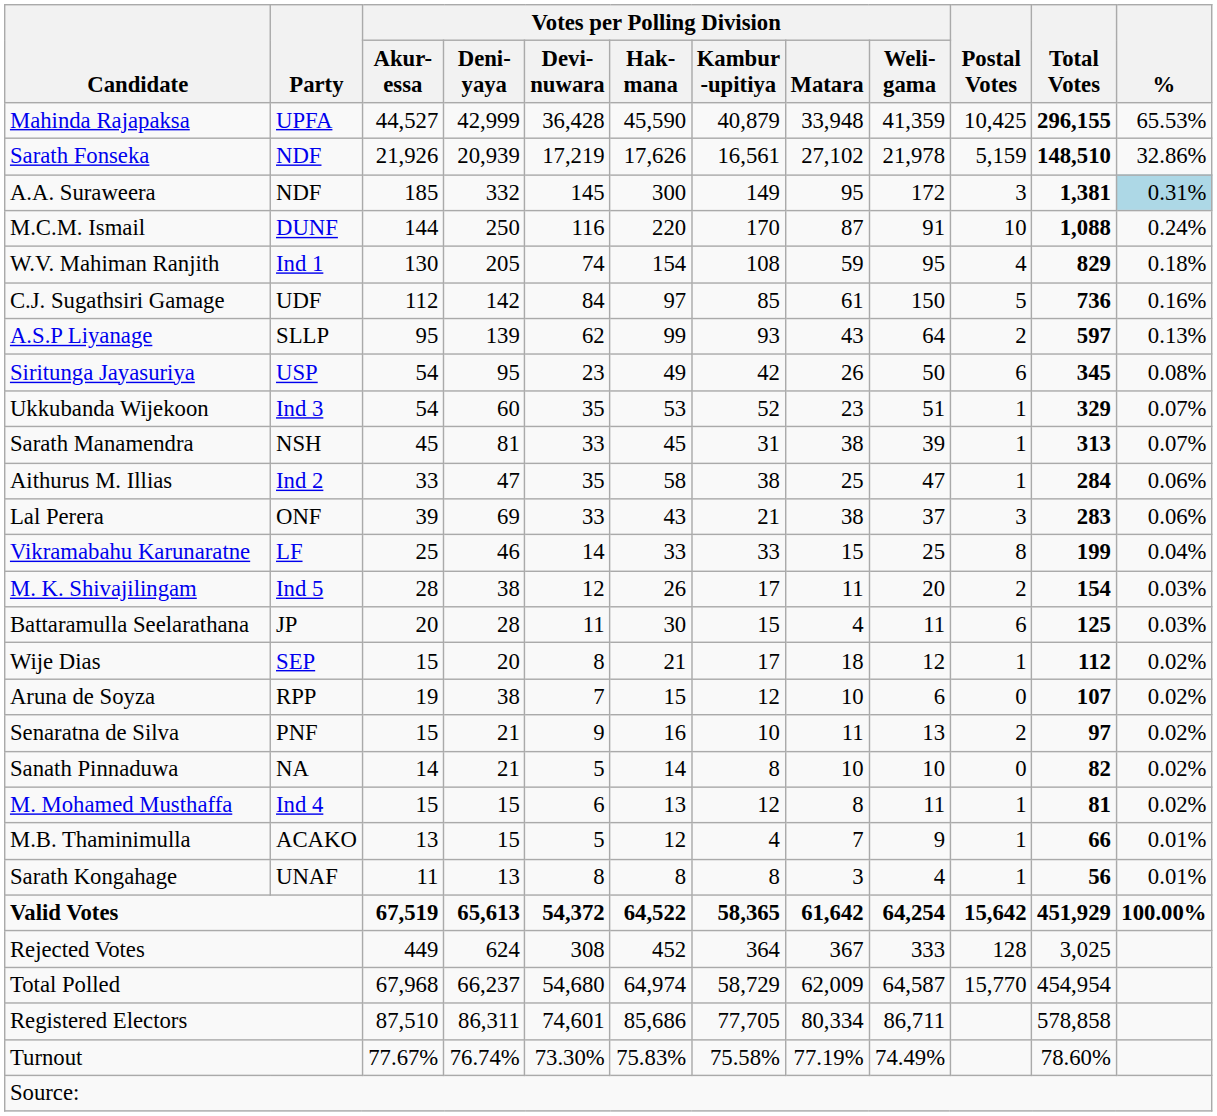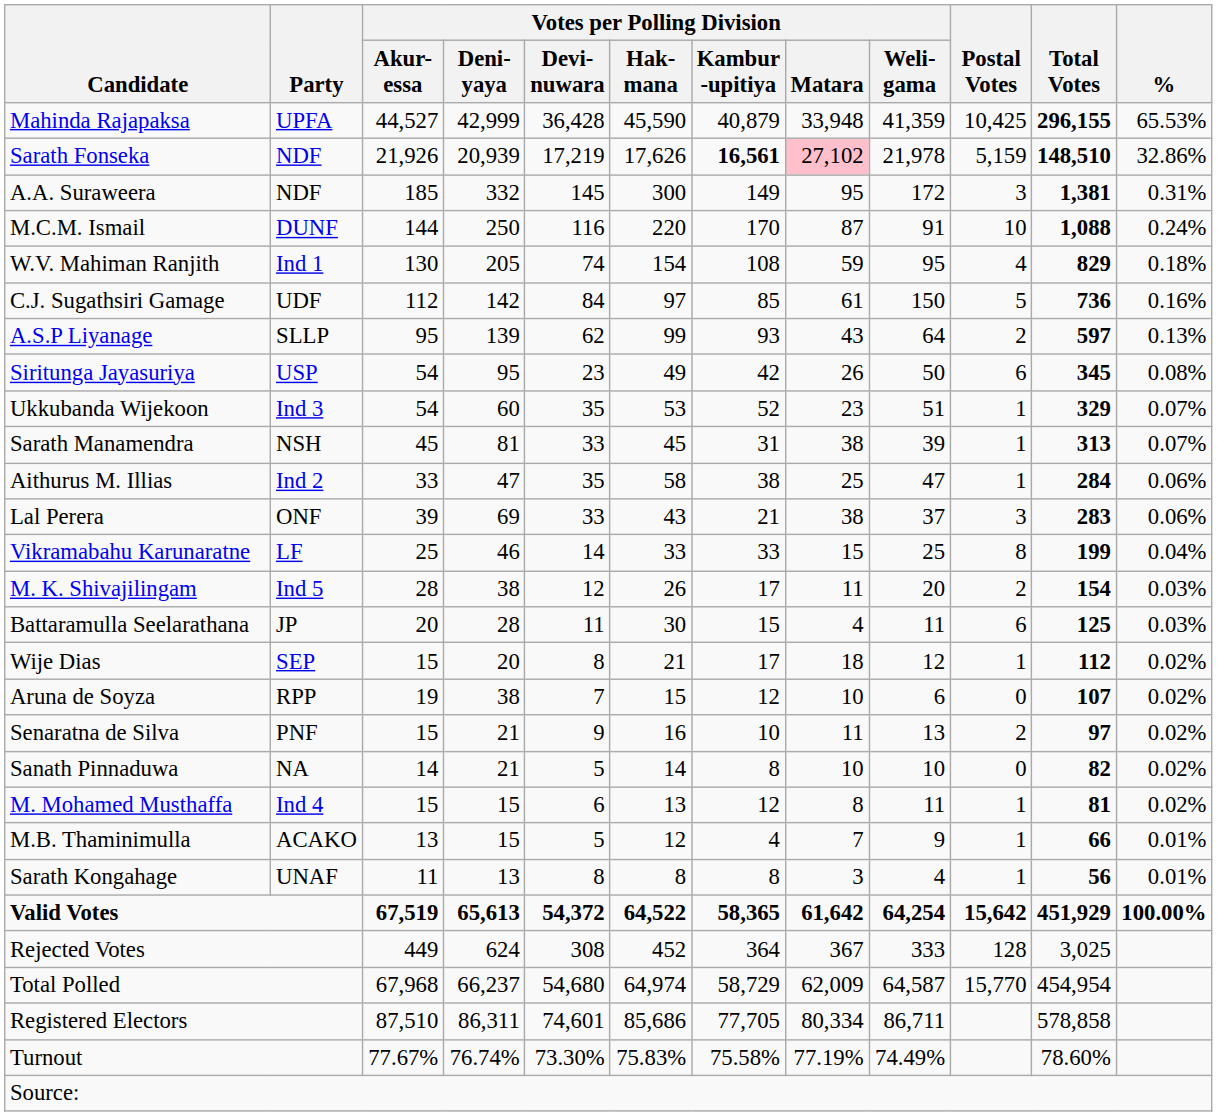 <table class="wikitable" border="1" style="text-align:right;">
 <tr>
 <th align=left valign=bottom rowspan=2 width="180">Candidate</th>
 <th align=left valign=bottom rowspan=2 width="40">Party</th>
 <th colspan=7>Votes per Polling Division</th>
 <th align=center valign=bottom rowspan=2 width="50">Postal<br>Votes</th>
 <th align=center valign=bottom rowspan=2 width="50">Total Votes</th>
 <th align=center valign=bottom rowspan=2 width="50">%</th>
 </tr>
 <tr>
 <th align=center valign=bottom width="50">Akur-<br>essa</th>
 <th align=center valign=bottom width="50">Deni-<br>yaya</th>
 <th align=center valign=bottom width="50">Devi-<br>nuwara</th>
 <th align=center valign=bottom width="50">Hak-<br>mana</th>
 <th align=center valign=bottom width="50">Kambur<br>-upitiya</th>
 <th align=center valign=bottom width="50">Matara</th>
 <th align=center valign=bottom width="50">Weli-<br>gama</th>
 </tr>
 <tr>
 <td align=left><a href='#'>Mahinda Rajapaksa</a></td>
 <td align=left><a href='#'>UPFA</a></td>
 <td>44,527</td>
 <td>42,999</td>
 <td>36,428</td>
 <td>45,590</td>
 <td>40,879</td>
 <td>33,948</td>
 <td>41,359</td>
 <td>10,425</td>
 <td><strong>296,155</strong></td>
 <td>65.53%</td>
 </tr>
 <tr>
 <td align=left><a href='#'>Sarath Fonseka</a></td>
 <td align=left><a href='#'>NDF</a></td>
 <td>21,926</td>
 <td>20,939</td>
 <td>17,219</td>
 <td>17,626</td>
-<td>16,561</td>
-<td>27,102</td>
+<td><strong>16,561</strong></td>
+<td style="background: pink;">27,102</td>
 <td>21,978</td>
 <td>5,159</td>
 <td><strong>148,510</strong></td>
 <td>32.86%</td>
 </tr>
 <tr>
 <td align=left>A.A. Suraweera</td>
 <td align=left>NDF</td>
 <td>185</td>
 <td>332</td>
 <td>145</td>
 <td>300</td>
 <td>149</td>
 <td>95</td>
 <td>172</td>
 <td>3</td>
 <td><strong>1,381</strong></td>
-<td style="background: lightblue;">0.31%</td>
+<td>0.31%</td>
 </tr>
 <tr>
 <td align=left>M.C.M. Ismail</td>
 <td align=left><a href='#'>DUNF</a></td>
 <td>144</td>
 <td>250</td>
 <td>116</td>
 <td>220</td>
 <td>170</td>
 <td>87</td>
 <td>91</td>
 <td>10</td>
 <td><strong>1,088</strong></td>
 <td>0.24%</td>
 </tr>
 <tr>
 <td align=left>W.V. Mahiman Ranjith</td>
 <td align=left><a href='#'>Ind 1</a></td>
 <td>130</td>
 <td>205</td>
 <td>74</td>
 <td>154</td>
 <td>108</td>
 <td>59</td>
 <td>95</td>
 <td>4</td>
 <td><strong>829</strong></td>
 <td>0.18%</td>
 </tr>
 <tr>
 <td align=left>C.J. Sugathsiri Gamage</td>
 <td align=left>UDF</td>
 <td>112</td>
 <td>142</td>
 <td>84</td>
 <td>97</td>
 <td>85</td>
 <td>61</td>
 <td>150</td>
 <td>5</td>
 <td><strong>736</strong></td>
 <td>0.16%</td>
 </tr>
 <tr>
 <td align=left><a href='#'>A.S.P Liyanage</a></td>
 <td align=left>SLLP</td>
 <td>95</td>
 <td>139</td>
 <td>62</td>
 <td>99</td>
 <td>93</td>
 <td>43</td>
 <td>64</td>
 <td>2</td>
 <td><strong>597</strong></td>
 <td>0.13%</td>
 </tr>
 <tr>
 <td align=left><a href='#'>Siritunga Jayasuriya</a></td>
 <td align=left><a href='#'>USP</a></td>
 <td>54</td>
 <td>95</td>
 <td>23</td>
 <td>49</td>
 <td>42</td>
 <td>26</td>
 <td>50</td>
 <td>6</td>
 <td><strong>345</strong></td>
 <td>0.08%</td>
 </tr>
 <tr>
 <td align=left>Ukkubanda Wijekoon</td>
 <td align=left><a href='#'>Ind 3</a></td>
 <td>54</td>
 <td>60</td>
 <td>35</td>
 <td>53</td>
 <td>52</td>
 <td>23</td>
 <td>51</td>
 <td>1</td>
 <td><strong>329</strong></td>
 <td>0.07%</td>
 </tr>
 <tr>
 <td align=left>Sarath Manamendra</td>
 <td align=left>NSH</td>
 <td>45</td>
 <td>81</td>
 <td>33</td>
 <td>45</td>
 <td>31</td>
 <td>38</td>
 <td>39</td>
 <td>1</td>
 <td><strong>313</strong></td>
 <td>0.07%</td>
 </tr>
 <tr>
 <td align=left>Aithurus M. Illias</td>
 <td align=left><a href='#'>Ind 2</a></td>
 <td>33</td>
 <td>47</td>
 <td>35</td>
 <td>58</td>
 <td>38</td>
 <td>25</td>
 <td>47</td>
 <td>1</td>
 <td><strong>284</strong></td>
 <td>0.06%</td>
 </tr>
 <tr>
 <td align=left>Lal Perera</td>
 <td align=left>ONF</td>
 <td>39</td>
 <td>69</td>
 <td>33</td>
 <td>43</td>
 <td>21</td>
 <td>38</td>
 <td>37</td>
 <td>3</td>
 <td><strong>283</strong></td>
 <td>0.06%</td>
 </tr>
 <tr>
 <td align=left><a href='#'>Vikramabahu Karunaratne</a></td>
 <td align=left><a href='#'>LF</a></td>
 <td>25</td>
 <td>46</td>
 <td>14</td>
 <td>33</td>
 <td>33</td>
 <td>15</td>
 <td>25</td>
 <td>8</td>
 <td><strong>199</strong></td>
 <td>0.04%</td>
 </tr>
 <tr>
 <td align=left><a href='#'>M. K. Shivajilingam</a></td>
 <td align=left><a href='#'>Ind 5</a></td>
 <td>28</td>
 <td>38</td>
 <td>12</td>
 <td>26</td>
 <td>17</td>
 <td>11</td>
 <td>20</td>
 <td>2</td>
 <td><strong>154</strong></td>
 <td>0.03%</td>
 </tr>
 <tr>
 <td align=left>Battaramulla Seelarathana</td>
 <td align=left>JP</td>
 <td>20</td>
 <td>28</td>
 <td>11</td>
 <td>30</td>
 <td>15</td>
 <td>4</td>
 <td>11</td>
 <td>6</td>
 <td><strong>125</strong></td>
 <td>0.03%</td>
 </tr>
 <tr>
 <td align=left>Wije Dias</td>
 <td align=left><a href='#'>SEP</a></td>
 <td>15</td>
 <td>20</td>
 <td>8</td>
 <td>21</td>
 <td>17</td>
 <td>18</td>
 <td>12</td>
 <td>1</td>
 <td><strong>112</strong></td>
 <td>0.02%</td>
 </tr>
 <tr>
 <td align=left>Aruna de Soyza</td>
 <td align=left>RPP</td>
 <td>19</td>
 <td>38</td>
 <td>7</td>
 <td>15</td>
 <td>12</td>
 <td>10</td>
 <td>6</td>
 <td>0</td>
 <td><strong>107</strong></td>
 <td>0.02%</td>
 </tr>
 <tr>
 <td align=left>Senaratna de Silva</td>
 <td align=left>PNF</td>
 <td>15</td>
 <td>21</td>
 <td>9</td>
 <td>16</td>
 <td>10</td>
 <td>11</td>
 <td>13</td>
 <td>2</td>
 <td><strong>97</strong></td>
 <td>0.02%</td>
 </tr>
 <tr>
 <td align=left>Sanath Pinnaduwa</td>
 <td align=left>NA</td>
 <td>14</td>
 <td>21</td>
 <td>5</td>
 <td>14</td>
 <td>8</td>
 <td>10</td>
 <td>10</td>
 <td>0</td>
 <td><strong>82</strong></td>
 <td>0.02%</td>
 </tr>
 <tr>
 <td align=left><a href='#'>M. Mohamed Musthaffa</a></td>
 <td align=left><a href='#'>Ind 4</a></td>
 <td>15</td>
 <td>15</td>
 <td>6</td>
 <td>13</td>
 <td>12</td>
 <td>8</td>
 <td>11</td>
 <td>1</td>
 <td><strong>81</strong></td>
 <td>0.02%</td>
 </tr>
 <tr>
 <td align=left>M.B. Thaminimulla</td>
 <td align=left>ACAKO</td>
 <td>13</td>
 <td>15</td>
 <td>5</td>
 <td>12</td>
 <td>4</td>
 <td>7</td>
 <td>9</td>
 <td>1</td>
 <td><strong>66</strong></td>
 <td>0.01%</td>
 </tr>
 <tr>
 <td align=left>Sarath Kongahage</td>
 <td align=left>UNAF</td>
 <td>11</td>
 <td>13</td>
 <td>8</td>
 <td>8</td>
 <td>8</td>
 <td>3</td>
 <td>4</td>
 <td>1</td>
 <td><strong>56</strong></td>
 <td>0.01%</td>
 </tr>
 <tr>
 <td align=left colspan=2><strong>Valid Votes</strong></td>
 <td><strong>67,519</strong></td>
 <td><strong>65,613</strong></td>
 <td><strong>54,372</strong></td>
 <td><strong>64,522</strong></td>
 <td><strong>58,365</strong></td>
 <td><strong>61,642</strong></td>
 <td><strong>64,254</strong></td>
 <td><strong>15,642</strong></td>
 <td><strong>451,929</strong></td>
 <td><strong>100.00%</strong></td>
 </tr>
 <tr>
 <td align=left colspan=2>Rejected Votes</td>
 <td>449</td>
 <td>624</td>
 <td>308</td>
 <td>452</td>
 <td>364</td>
 <td>367</td>
 <td>333</td>
 <td>128</td>
 <td>3,025</td>
 <td></td>
 </tr>
 <tr>
 <td align=left colspan=2>Total Polled</td>
 <td>67,968</td>
 <td>66,237</td>
 <td>54,680</td>
 <td>64,974</td>
 <td>58,729</td>
 <td>62,009</td>
 <td>64,587</td>
 <td>15,770</td>
 <td>454,954</td>
 <td></td>
 </tr>
 <tr>
 <td align=left colspan=2>Registered Electors</td>
 <td>87,510</td>
 <td>86,311</td>
 <td>74,601</td>
 <td>85,686</td>
 <td>77,705</td>
 <td>80,334</td>
 <td>86,711</td>
 <td></td>
 <td>578,858</td>
 <td></td>
 </tr>
 <tr>
 <td align=left colspan=2>Turnout</td>
 <td>77.67%</td>
 <td>76.74%</td>
 <td>73.30%</td>
 <td>75.83%</td>
 <td>75.58%</td>
 <td>77.19%</td>
 <td>74.49%</td>
 <td></td>
 <td>78.60%</td>
 <td></td>
 </tr>
 <tr>
 <td align=left colspan=12>Source:</td>
 </tr>
 </table>
